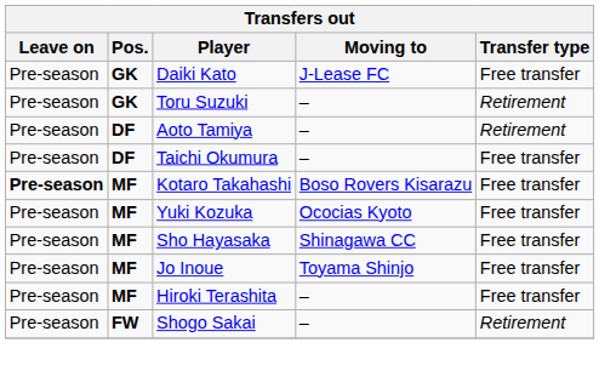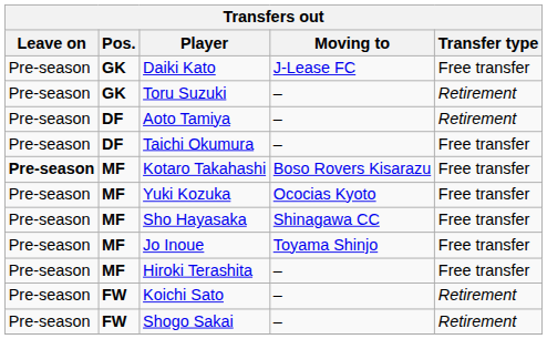 <table class="wikitable sortable" style=“text-align:left;>
 <tr>
 <th colspan="5">Transfers out</th>
 </tr>
 <tr>
 <th>Leave on</th>
 <th>Pos.</th>
 <th>Player</th>
 <th>Moving to</th>
 <th>Transfer type</th>
 </tr>
 <tr>
 <td>Pre-season</td>
 <td><strong>GK</strong></td>
 <td> <a href='#'>Daiki Kato</a></td>
 <td> <a href='#'>J-Lease FC</a></td>
 <td>Free transfer</td>
 </tr>
 <tr>
 <td>Pre-season</td>
 <td><strong>GK</strong></td>
 <td> <a href='#'>Toru Suzuki</a></td>
 <td>–</td>
 <td><em>Retirement</em></td>
 </tr>
 <tr>
 <td>Pre-season</td>
 <td><strong>DF</strong></td>
 <td> <a href='#'>Aoto Tamiya</a></td>
 <td>–</td>
 <td><em>Retirement</em></td>
 </tr>
 <tr>
 <td>Pre-season</td>
 <td><strong>DF</strong></td>
 <td> <a href='#'>Taichi Okumura</a></td>
 <td>–</td>
 <td>Free transfer</td>
 </tr>
 <tr>
 <td><strong>Pre-season</strong></td>
 <td><strong>MF</strong></td>
 <td> <a href='#'>Kotaro Takahashi</a></td>
 <td> <a href='#'>Boso Rovers Kisarazu</a></td>
 <td>Free transfer</td>
 </tr>
 <tr>
 <td>Pre-season</td>
 <td><strong>MF</strong></td>
 <td> <a href='#'>Yuki Kozuka</a></td>
 <td> <a href='#'>Ococias Kyoto</a></td>
 <td>Free transfer</td>
 </tr>
 <tr>
 <td>Pre-season</td>
 <td><strong>MF</strong></td>
 <td> <a href='#'>Sho Hayasaka</a></td>
 <td> <a href='#'>Shinagawa CC</a></td>
 <td>Free transfer</td>
 </tr>
 <tr>
 <td>Pre-season</td>
 <td><strong>MF</strong></td>
 <td> <a href='#'>Jo Inoue</a></td>
 <td> <a href='#'>Toyama Shinjo</a></td>
 <td>Free transfer</td>
 </tr>
 <tr>
 <td>Pre-season</td>
 <td><strong>MF</strong></td>
 <td> <a href='#'>Hiroki Terashita</a></td>
 <td>–</td>
 <td>Free transfer</td>
 </tr>
 <tr>
 <td>Pre-season</td>
 <td><strong>FW</strong></td>
+<td> <a href='#'>Koichi Sato</a></td>
+<td>–</td>
+<td><em>Retirement</em></td>
+</tr>
+<tr>
+<td>Pre-season</td>
+<td><strong>FW</strong></td>
 <td> <a href='#'>Shogo Sakai</a></td>
 <td>–</td>
 <td><em>Retirement</em></td>
 </tr>
 <tr>
 </tr>
 </table>
